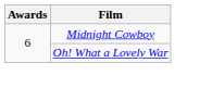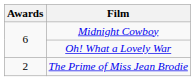 <table class="wikitable" style="text-align:center;">
 <tr>
 <th style="background:">Awards</th>
 <th style="background:">Film</th>
 </tr>
 <tr>
 <td rowspan="2">6</td>
 <td><em><a href='#'>Midnight Cowboy</a></em></td>
 </tr>
 <tr>
 <td><em><a href='#'>Oh! What a Lovely War</a></em></td>
 </tr>
+<tr>
+<td>2</td>
+<td><em><a href='#'>The Prime of Miss Jean Brodie</a></em></td>
+</tr>
 </table>
